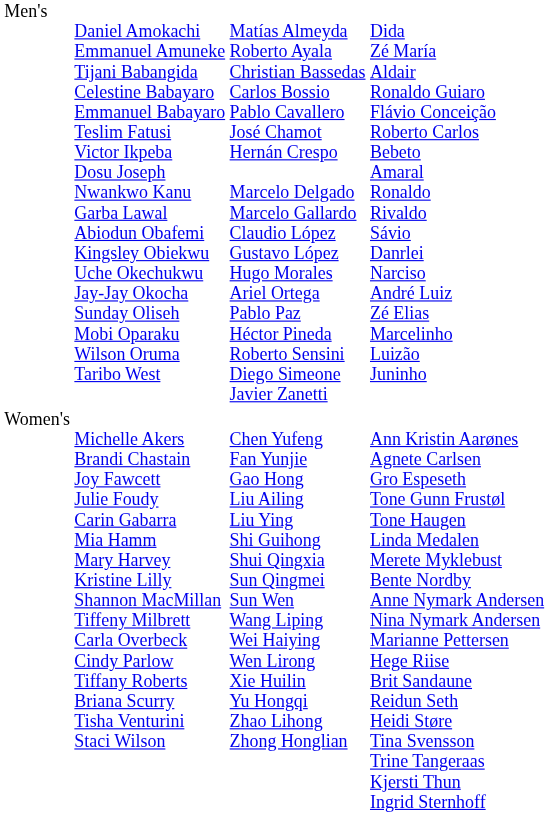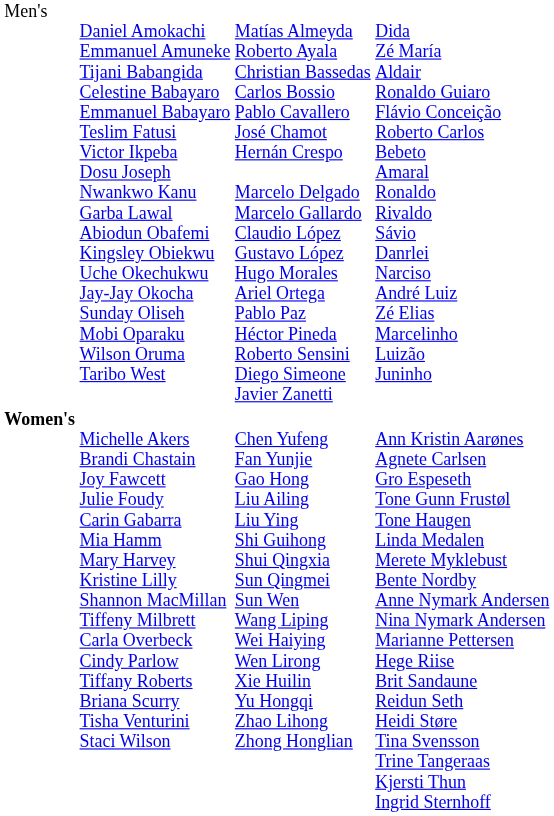 <table>
 <tr valign="top">
 <td>Men's <br></td>
 <td><br><a href='#'>Daniel Amokachi</a><br><a href='#'>Emmanuel Amuneke</a><br><a href='#'>Tijani Babangida</a><br><a href='#'>Celestine Babayaro</a><br><a href='#'>Emmanuel Babayaro</a><br><a href='#'>Teslim Fatusi</a><br><a href='#'>Victor Ikpeba</a><br><a href='#'>Dosu Joseph</a><br><a href='#'>Nwankwo Kanu</a><br><a href='#'>Garba Lawal</a><br><a href='#'>Abiodun Obafemi</a><br><a href='#'>Kingsley Obiekwu</a><br><a href='#'>Uche Okechukwu</a><br><a href='#'>Jay-Jay Okocha</a><br><a href='#'>Sunday Oliseh</a><br><a href='#'>Mobi Oparaku</a><br> <a href='#'>Wilson Oruma</a><br><a href='#'>Taribo West</a></td>
 <td><br><a href='#'>Matías Almeyda</a><br><a href='#'>Roberto Ayala</a><br><a href='#'>Christian Bassedas</a><br><a href='#'>Carlos Bossio</a><br><a href='#'>Pablo Cavallero</a><br><a href='#'>José Chamot</a><br><a href='#'>Hernán Crespo</a><br><br><a href='#'>Marcelo Delgado</a><br><a href='#'>Marcelo Gallardo</a><br><a href='#'>Claudio López</a><br>  <a href='#'>Gustavo López</a><br><a href='#'>Hugo Morales</a><br><a href='#'>Ariel Ortega</a><br><a href='#'>Pablo Paz</a><br>  <a href='#'>Héctor Pineda</a><br><a href='#'>Roberto Sensini</a><br><a href='#'>Diego Simeone</a><br><a href='#'>Javier Zanetti</a></td>
 <td><br><a href='#'>Dida</a><br><a href='#'>Zé María</a><br><a href='#'>Aldair</a><br><a href='#'>Ronaldo Guiaro</a><br><a href='#'>Flávio Conceição</a><br><a href='#'>Roberto Carlos</a><br><a href='#'>Bebeto</a><br><a href='#'>Amaral</a><br><a href='#'>Ronaldo</a><br><a href='#'>Rivaldo</a><br><a href='#'>Sávio</a><br><a href='#'>Danrlei</a><br><a href='#'>Narciso</a><br><a href='#'>André Luiz</a><br><a href='#'>Zé Elias</a><br><a href='#'>Marcelinho</a><br><a href='#'>Luizão</a><br><a href='#'>Juninho</a></td>
 </tr>
 <tr valign="top">
-<td>Women's<br></td>
+<td><strong>Women's<br></strong></td>
 <td><br><a href='#'>Michelle Akers</a><br><a href='#'>Brandi Chastain</a><br><a href='#'>Joy Fawcett</a><br><a href='#'>Julie Foudy</a><br><a href='#'>Carin Gabarra</a><br><a href='#'>Mia Hamm</a><br><a href='#'>Mary Harvey</a><br><a href='#'>Kristine Lilly</a><br><a href='#'>Shannon MacMillan</a><br><a href='#'>Tiffeny Milbrett</a><br><a href='#'>Carla Overbeck</a><br><a href='#'>Cindy Parlow</a><br><a href='#'>Tiffany Roberts</a><br><a href='#'>Briana Scurry</a><br><a href='#'>Tisha Venturini</a><br><a href='#'>Staci Wilson</a></td>
 <td><br><a href='#'>Chen Yufeng</a><br><a href='#'>Fan Yunjie</a><br><a href='#'>Gao Hong</a><br><a href='#'>Liu Ailing</a><br><a href='#'>Liu Ying</a><br><a href='#'>Shi Guihong</a><br><a href='#'>Shui Qingxia</a><br><a href='#'>Sun Qingmei</a><br><a href='#'>Sun Wen</a><br><a href='#'>Wang Liping</a><br><a href='#'>Wei Haiying</a><br><a href='#'>Wen Lirong</a><br><a href='#'>Xie Huilin</a><br><a href='#'>Yu Hongqi</a><br><a href='#'>Zhao Lihong</a><br><a href='#'>Zhong Honglian</a></td>
 <td><br><a href='#'>Ann Kristin Aarønes</a><br><a href='#'>Agnete Carlsen</a><br><a href='#'>Gro Espeseth</a><br><a href='#'>Tone Gunn Frustøl</a><br><a href='#'>Tone Haugen</a><br><a href='#'>Linda Medalen</a><br><a href='#'>Merete Myklebust</a><br><a href='#'>Bente Nordby</a><br><a href='#'>Anne Nymark Andersen</a><br><a href='#'>Nina Nymark Andersen</a><br><a href='#'>Marianne Pettersen</a><br><a href='#'>Hege Riise</a><br><a href='#'>Brit Sandaune</a><br><a href='#'>Reidun Seth</a><br><a href='#'>Heidi Støre</a><br><a href='#'>Tina Svensson</a><br><a href='#'>Trine Tangeraas</a><br><a href='#'>Kjersti Thun</a><br><a href='#'>Ingrid Sternhoff</a></td>
 </tr>
 </table>
